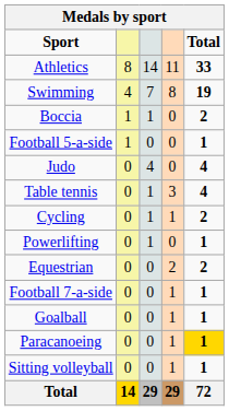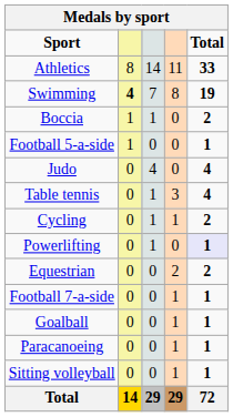 <table class="wikitable" style="font-size:85%">
 <tr style="background:#efefef;">
 <th colspan=5>Medals by sport</th>
 </tr>
 <tr align=center>
 <td><strong>Sport</strong></td>
 <td bgcolor=#f7f6a8></td>
 <td bgcolor=#dce5e5></td>
 <td bgcolor=#ffdab9></td>
 <td><strong>Total</strong></td>
 </tr>
 <tr align=center>
 <td><a href='#'>Athletics</a></td>
 <td style="background:#F7F6A8;">8</td>
 <td style="background:#DCE5E5;">14</td>
 <td style="background:#FFDAB9;">11</td>
 <td><strong>33</strong></td>
 </tr>
 <tr align=center>
 <td><a href='#'>Swimming</a></td>
-<td style="background:#F7F6A8;">4</td>
+<td style="background:#F7F6A8;"><strong>4</strong></td>
 <td style="background:#DCE5E5;">7</td>
 <td style="background:#FFDAB9;">8</td>
 <td><strong>19</strong></td>
 </tr>
 <tr align=center>
 <td><a href='#'>Boccia</a></td>
 <td style="background:#F7F6A8;">1</td>
 <td style="background:#DCE5E5;">1</td>
 <td style="background:#FFDAB9;">0</td>
 <td><strong>2</strong></td>
 </tr>
 <tr align=center>
 <td><a href='#'>Football 5-a-side</a></td>
 <td style="background:#F7F6A8;">1</td>
 <td style="background:#DCE5E5;">0</td>
 <td style="background:#FFDAB9;">0</td>
 <td><strong>1</strong></td>
 </tr>
 <tr align=center>
 <td><a href='#'>Judo</a></td>
 <td style="background:#F7F6A8;">0</td>
 <td style="background:#DCE5E5;">4</td>
 <td style="background:#FFDAB9;">0</td>
 <td><strong>4</strong></td>
 </tr>
 <tr align=center>
 <td><a href='#'>Table tennis</a></td>
 <td style="background:#F7F6A8;">0</td>
 <td style="background:#DCE5E5;">1</td>
 <td style="background:#FFDAB9;">3</td>
 <td><strong>4</strong></td>
 </tr>
 <tr align=center>
 <td><a href='#'>Cycling</a></td>
 <td style="background:#F7F6A8;">0</td>
 <td style="background:#DCE5E5;">1</td>
 <td style="background:#FFDAB9;">1</td>
 <td><strong>2</strong></td>
 </tr>
 <tr align=center>
 <td><a href='#'>Powerlifting</a></td>
 <td style="background:#F7F6A8;">0</td>
 <td style="background:#DCE5E5;">1</td>
 <td style="background:#FFDAB9;">0</td>
-<td><strong>1</strong></td>
+<td style="background: lavender;"><strong>1</strong></td>
 </tr>
 <tr align=center>
 <td><a href='#'>Equestrian</a></td>
 <td style="background:#F7F6A8;">0</td>
 <td style="background:#DCE5E5;">0</td>
 <td style="background:#FFDAB9;">2</td>
 <td><strong>2</strong></td>
 </tr>
 <tr align=center>
 <td><a href='#'>Football 7-a-side</a></td>
 <td style="background:#F7F6A8;">0</td>
 <td style="background:#DCE5E5;">0</td>
 <td style="background:#FFDAB9;">1</td>
 <td><strong>1</strong></td>
 </tr>
 <tr align=center>
 <td><a href='#'>Goalball</a></td>
 <td style="background:#F7F6A8;">0</td>
 <td style="background:#DCE5E5;">0</td>
 <td style="background:#FFDAB9;">1</td>
 <td><strong>1</strong></td>
 </tr>
 <tr align=center>
 <td><a href='#'>Paracanoeing</a></td>
 <td style="background:#F7F6A8;">0</td>
 <td style="background:#DCE5E5;">0</td>
 <td style="background:#FFDAB9;">1</td>
-<td style="background: gold;"><strong>1</strong></td>
+<td><strong>1</strong></td>
 </tr>
 <tr align=center>
 <td><a href='#'>Sitting volleyball</a></td>
 <td style="background:#F7F6A8;">0</td>
 <td style="background:#DCE5E5;">0</td>
 <td style="background:#FFDAB9;">1</td>
 <td><strong>1</strong></td>
 </tr>
 <tr align=center>
 <th>Total</th>
 <th style="background:gold;">14</th>
 <th style="background:silver;">29</th>
 <th style="background:#c96;">29</th>
 <th>72</th>
 </tr>
 </table>
